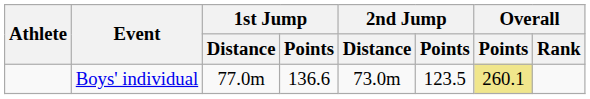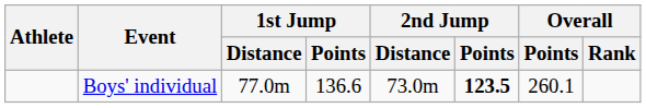 <table class="wikitable">
 <tr>
 <th rowspan="2">Athlete</th>
 <th rowspan="2">Event</th>
 <th colspan="2">1st Jump</th>
 <th colspan="2">2nd Jump</th>
 <th colspan="2">Overall</th>
 </tr>
 <tr>
 <th>Distance</th>
 <th>Points</th>
 <th>Distance</th>
 <th>Points</th>
 <th>Points</th>
 <th>Rank</th>
 </tr>
 <tr>
 <td></td>
 <td><a href='#'>Boys' individual</a></td>
 <td align="center">77.0m</td>
 <td align="center">136.6</td>
 <td align="center">73.0m</td>
-<td align="center">123.5</td>
-<td align="center" style="background: khaki;">260.1</td>
+<td align="center"><strong>123.5</strong></td>
+<td align="center">260.1</td>
 <td align="center"></td>
 </tr>
 </table>
